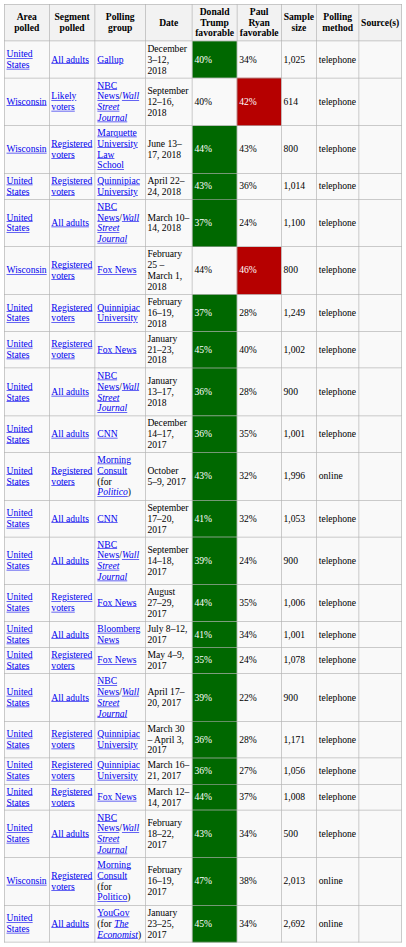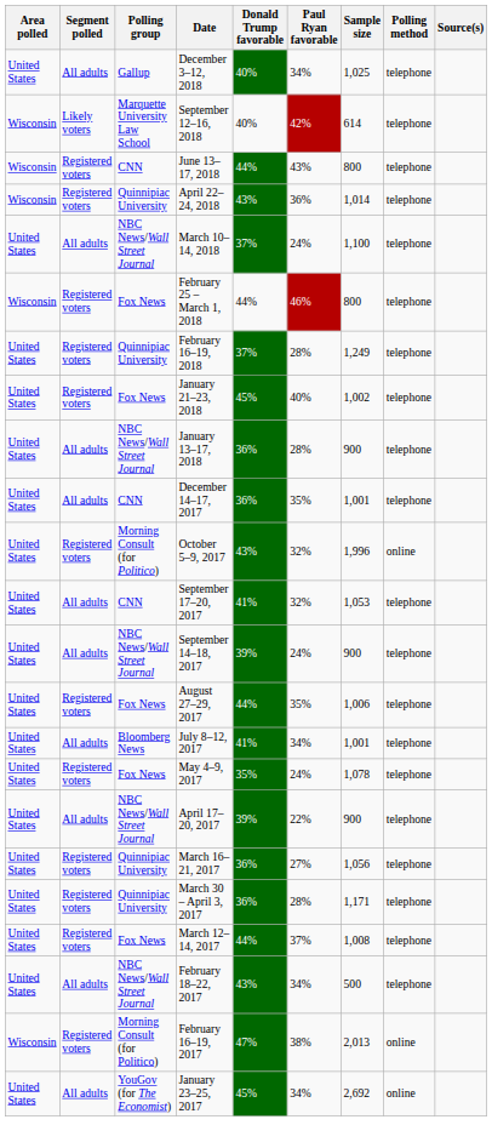 <table class="wikitable sortable" style="width: 75%;">
 <tr>
 <th>Area polled</th>
 <th>Segment polled</th>
 <th>Polling group</th>
 <th>Date</th>
 <th>Donald Trump favorable</th>
 <th>Paul Ryan favorable</th>
 <th>Sample size</th>
 <th>Polling method</th>
 <th>Source(s)</th>
 </tr>
 <tr>
 <td> <a href='#'>United States</a></td>
 <td><a href='#'>All adults</a></td>
 <td><a href='#'>Gallup</a></td>
 <td>December 3–12, 2018</td>
 <td style="background:#006800; color: white">40%</td>
 <td>34%</td>
 <td>1,025</td>
 <td>telephone</td>
 <td></td>
 </tr>
 <tr>
 <td> <a href='#'>Wisconsin</a></td>
 <td><a href='#'>Likely voters</a></td>
-<td><a href='#'>NBC News</a>/<em><a href='#'>Wall Street Journal</a></em></td>
+<td><a href='#'>Marquette University Law School</a></td>
 <td>September 12–16, 2018</td>
 <td>40%</td>
 <td style="background:#B60000; color: white">42%</td>
 <td>614</td>
 <td>telephone</td>
 <td></td>
 </tr>
 <tr>
 <td> <a href='#'>Wisconsin</a></td>
 <td><a href='#'>Registered voters</a></td>
-<td><a href='#'>Marquette University Law School</a></td>
+<td><a href='#'>CNN</a></td>
 <td>June 13–17, 2018</td>
 <td style="background:#006800; color: white">44%</td>
 <td>43%</td>
 <td>800</td>
 <td>telephone</td>
 <td></td>
 </tr>
 <tr>
-<td> <a href='#'>United States</a></td>
+<td> <a href='#'>Wisconsin</a></td>
 <td><a href='#'>Registered voters</a></td>
 <td><a href='#'>Quinnipiac University</a></td>
 <td>April 22–24, 2018</td>
 <td style="background:#006800; color: white">43%</td>
 <td>36%</td>
 <td>1,014</td>
 <td>telephone</td>
 <td></td>
 </tr>
 <tr>
 <td> <a href='#'>United States</a></td>
 <td><a href='#'>All adults</a></td>
 <td><a href='#'>NBC News</a>/<em><a href='#'>Wall Street Journal</a></em></td>
 <td>March 10–14, 2018</td>
 <td style="background:#006800; color: white">37%</td>
 <td>24%</td>
 <td>1,100</td>
 <td>telephone</td>
 <td></td>
 </tr>
 <tr>
 <td> <a href='#'>Wisconsin</a></td>
 <td><a href='#'>Registered voters</a></td>
 <td><a href='#'>Fox News</a></td>
 <td>February 25 – March 1, 2018</td>
 <td>44%</td>
 <td style="background:#B60000; color: white">46%</td>
 <td>800</td>
 <td>telephone</td>
 <td></td>
 </tr>
 <tr>
 <td> <a href='#'>United States</a></td>
 <td><a href='#'>Registered voters</a></td>
 <td><a href='#'>Quinnipiac University</a></td>
 <td>February 16–19, 2018</td>
 <td style="background:#006800; color: white">37%</td>
 <td>28%</td>
 <td>1,249</td>
 <td>telephone</td>
 <td></td>
 </tr>
 <tr>
 <td> <a href='#'>United States</a></td>
 <td><a href='#'>Registered voters</a></td>
 <td><a href='#'>Fox News</a></td>
 <td>January 21–23, 2018</td>
 <td style="background:#006800; color: white">45%</td>
 <td>40%</td>
 <td>1,002</td>
 <td>telephone</td>
 <td></td>
 </tr>
 <tr>
 <td> <a href='#'>United States</a></td>
 <td><a href='#'>All adults</a></td>
 <td><a href='#'>NBC News</a>/<em><a href='#'>Wall Street Journal</a></em></td>
 <td>January 13–17, 2018</td>
 <td style="background:#006800; color: white">36%</td>
 <td>28%</td>
 <td>900</td>
 <td>telephone</td>
 <td></td>
 </tr>
 <tr>
 <td> <a href='#'>United States</a></td>
 <td><a href='#'>All adults</a></td>
 <td><a href='#'>CNN</a></td>
 <td>December 14–17, 2017</td>
 <td style="background:#006800; color: white">36%</td>
 <td>35%</td>
 <td>1,001</td>
 <td>telephone</td>
 <td></td>
 </tr>
 <tr>
 <td> <a href='#'>United States</a></td>
 <td><a href='#'>Registered voters</a></td>
 <td><a href='#'>Morning Consult</a> (for <em><a href='#'>Politico</a></em>)</td>
 <td>October 5–9, 2017</td>
 <td style="background:#006800; color: white">43%</td>
 <td>32%</td>
 <td>1,996</td>
 <td>online</td>
 <td></td>
 </tr>
 <tr>
 <td> <a href='#'>United States</a></td>
 <td><a href='#'>All adults</a></td>
 <td><a href='#'>CNN</a></td>
 <td>September 17–20, 2017</td>
 <td style="background:#006800; color: white">41%</td>
 <td>32%</td>
 <td>1,053</td>
 <td>telephone</td>
 <td></td>
 </tr>
 <tr>
 <td> <a href='#'>United States</a></td>
 <td><a href='#'>All adults</a></td>
 <td><a href='#'>NBC News</a>/<em><a href='#'>Wall Street Journal</a></em></td>
 <td>September 14–18, 2017</td>
 <td style="background:#006800; color: white">39%</td>
 <td>24%</td>
 <td>900</td>
 <td>telephone</td>
 <td></td>
 </tr>
 <tr>
 <td> <a href='#'>United States</a></td>
 <td><a href='#'>Registered voters</a></td>
 <td><a href='#'>Fox News</a></td>
 <td>August 27–29, 2017</td>
 <td style="background:#006800; color: white">44%</td>
 <td>35%</td>
 <td>1,006</td>
 <td>telephone</td>
 <td></td>
 </tr>
 <tr>
 <td> <a href='#'>United States</a></td>
 <td><a href='#'>All adults</a></td>
 <td><a href='#'>Bloomberg News</a></td>
 <td>July 8–12, 2017</td>
 <td style="background:#006800; color: white">41%</td>
 <td>34%</td>
 <td>1,001</td>
 <td>telephone</td>
 <td></td>
 </tr>
 <tr>
 <td> <a href='#'>United States</a></td>
 <td><a href='#'>Registered voters</a></td>
 <td><a href='#'>Fox News</a></td>
 <td>May 4–9, 2017</td>
 <td style="background:#006800; color: white">35%</td>
 <td>24%</td>
 <td>1,078</td>
 <td>telephone</td>
 <td></td>
 </tr>
 <tr>
 <td> <a href='#'>United States</a></td>
 <td><a href='#'>All adults</a></td>
 <td><a href='#'>NBC News</a>/<em><a href='#'>Wall Street Journal</a></em></td>
 <td>April 17–20, 2017</td>
 <td style="background:#006800; color: white">39%</td>
 <td>22%</td>
 <td>900</td>
 <td>telephone</td>
 <td></td>
 </tr>
 <tr>
 <td> <a href='#'>United States</a></td>
 <td><a href='#'>Registered voters</a></td>
 <td><a href='#'>Quinnipiac University</a></td>
-<td>March 30 – April 3, 2017</td>
+<td>March 16–21, 2017</td>
 <td style="background:#006800; color: white">36%</td>
-<td>28%</td>
-<td>1,171</td>
+<td>27%</td>
+<td>1,056</td>
 <td>telephone</td>
 <td></td>
 </tr>
 <tr>
 <td> <a href='#'>United States</a></td>
 <td><a href='#'>Registered voters</a></td>
 <td><a href='#'>Quinnipiac University</a></td>
-<td>March 16–21, 2017</td>
+<td>March 30 – April 3, 2017</td>
 <td style="background:#006800; color: white">36%</td>
-<td>27%</td>
-<td>1,056</td>
+<td>28%</td>
+<td>1,171</td>
 <td>telephone</td>
 <td></td>
 </tr>
 <tr>
 <td> <a href='#'>United States</a></td>
 <td><a href='#'>Registered voters</a></td>
 <td><a href='#'>Fox News</a></td>
 <td>March 12–14, 2017</td>
 <td style="background:#006800; color: white">44%</td>
 <td>37%</td>
 <td>1,008</td>
 <td>telephone</td>
 <td></td>
 </tr>
 <tr>
 <td> <a href='#'>United States</a></td>
 <td><a href='#'>All adults</a></td>
 <td><a href='#'>NBC News</a>/<em><a href='#'>Wall Street Journal</a></em></td>
 <td>February 18–22, 2017</td>
 <td style="background:#006800; color: white">43%</td>
 <td>34%</td>
 <td>500</td>
 <td>telephone</td>
 <td></td>
 </tr>
 <tr>
 <td> <a href='#'>Wisconsin</a></td>
 <td><a href='#'>Registered voters</a></td>
 <td><a href='#'>Morning Consult</a> (for <a href='#'>Politico</a>)</td>
 <td>February 16–19, 2017</td>
 <td style="background:#006800; color: white">47%</td>
 <td>38%</td>
 <td>2,013</td>
 <td>online</td>
 <td></td>
 </tr>
 <tr>
 <td> <a href='#'>United States</a></td>
 <td><a href='#'>All adults</a></td>
 <td><a href='#'>YouGov</a> (for <em><a href='#'>The Economist</a></em>)</td>
 <td>January 23–25, 2017</td>
 <td style="background:#006800; color: white">45%</td>
 <td>34%</td>
 <td>2,692</td>
 <td>online</td>
 <td></td>
 </tr>
 </table>
